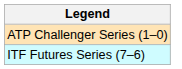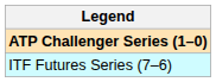 <table class="wikitable">
 <tr>
 <th>Legend</th>
 </tr>
 <tr bgcolor="moccasin">
-<td>ATP Challenger Series (1–0)</td>
+<td><strong>ATP Challenger Series (1–0)</strong></td>
 </tr>
 <tr bgcolor="CFFCFF">
 <td>ITF Futures Series (7–6)</td>
 </tr>
 </table>
